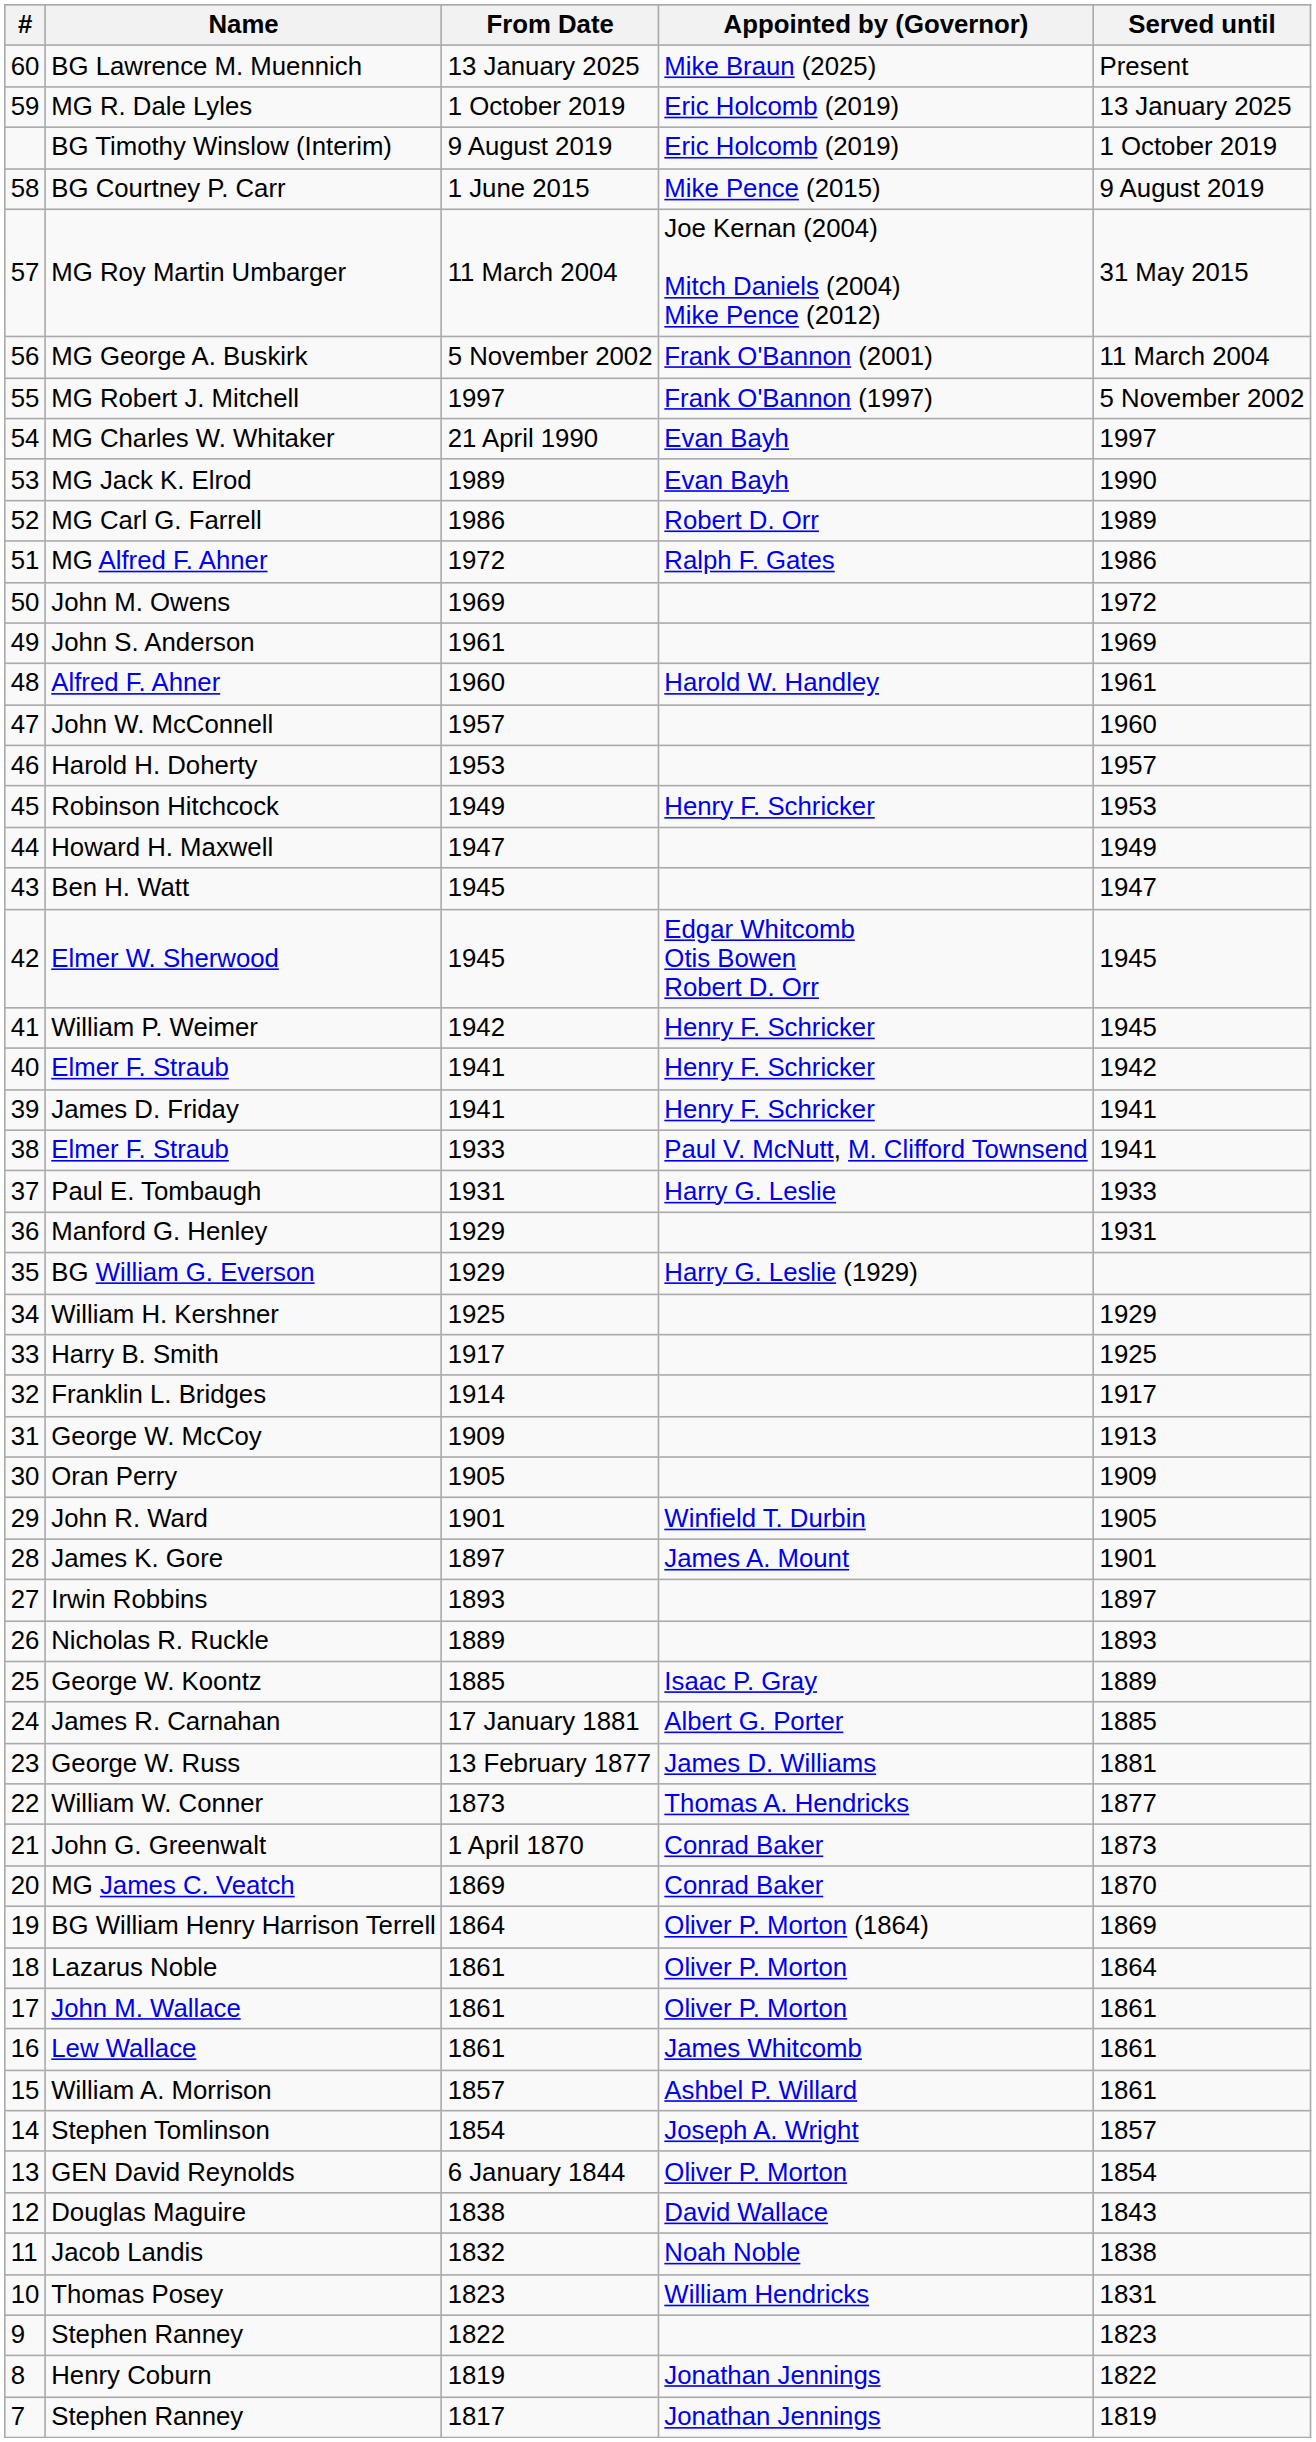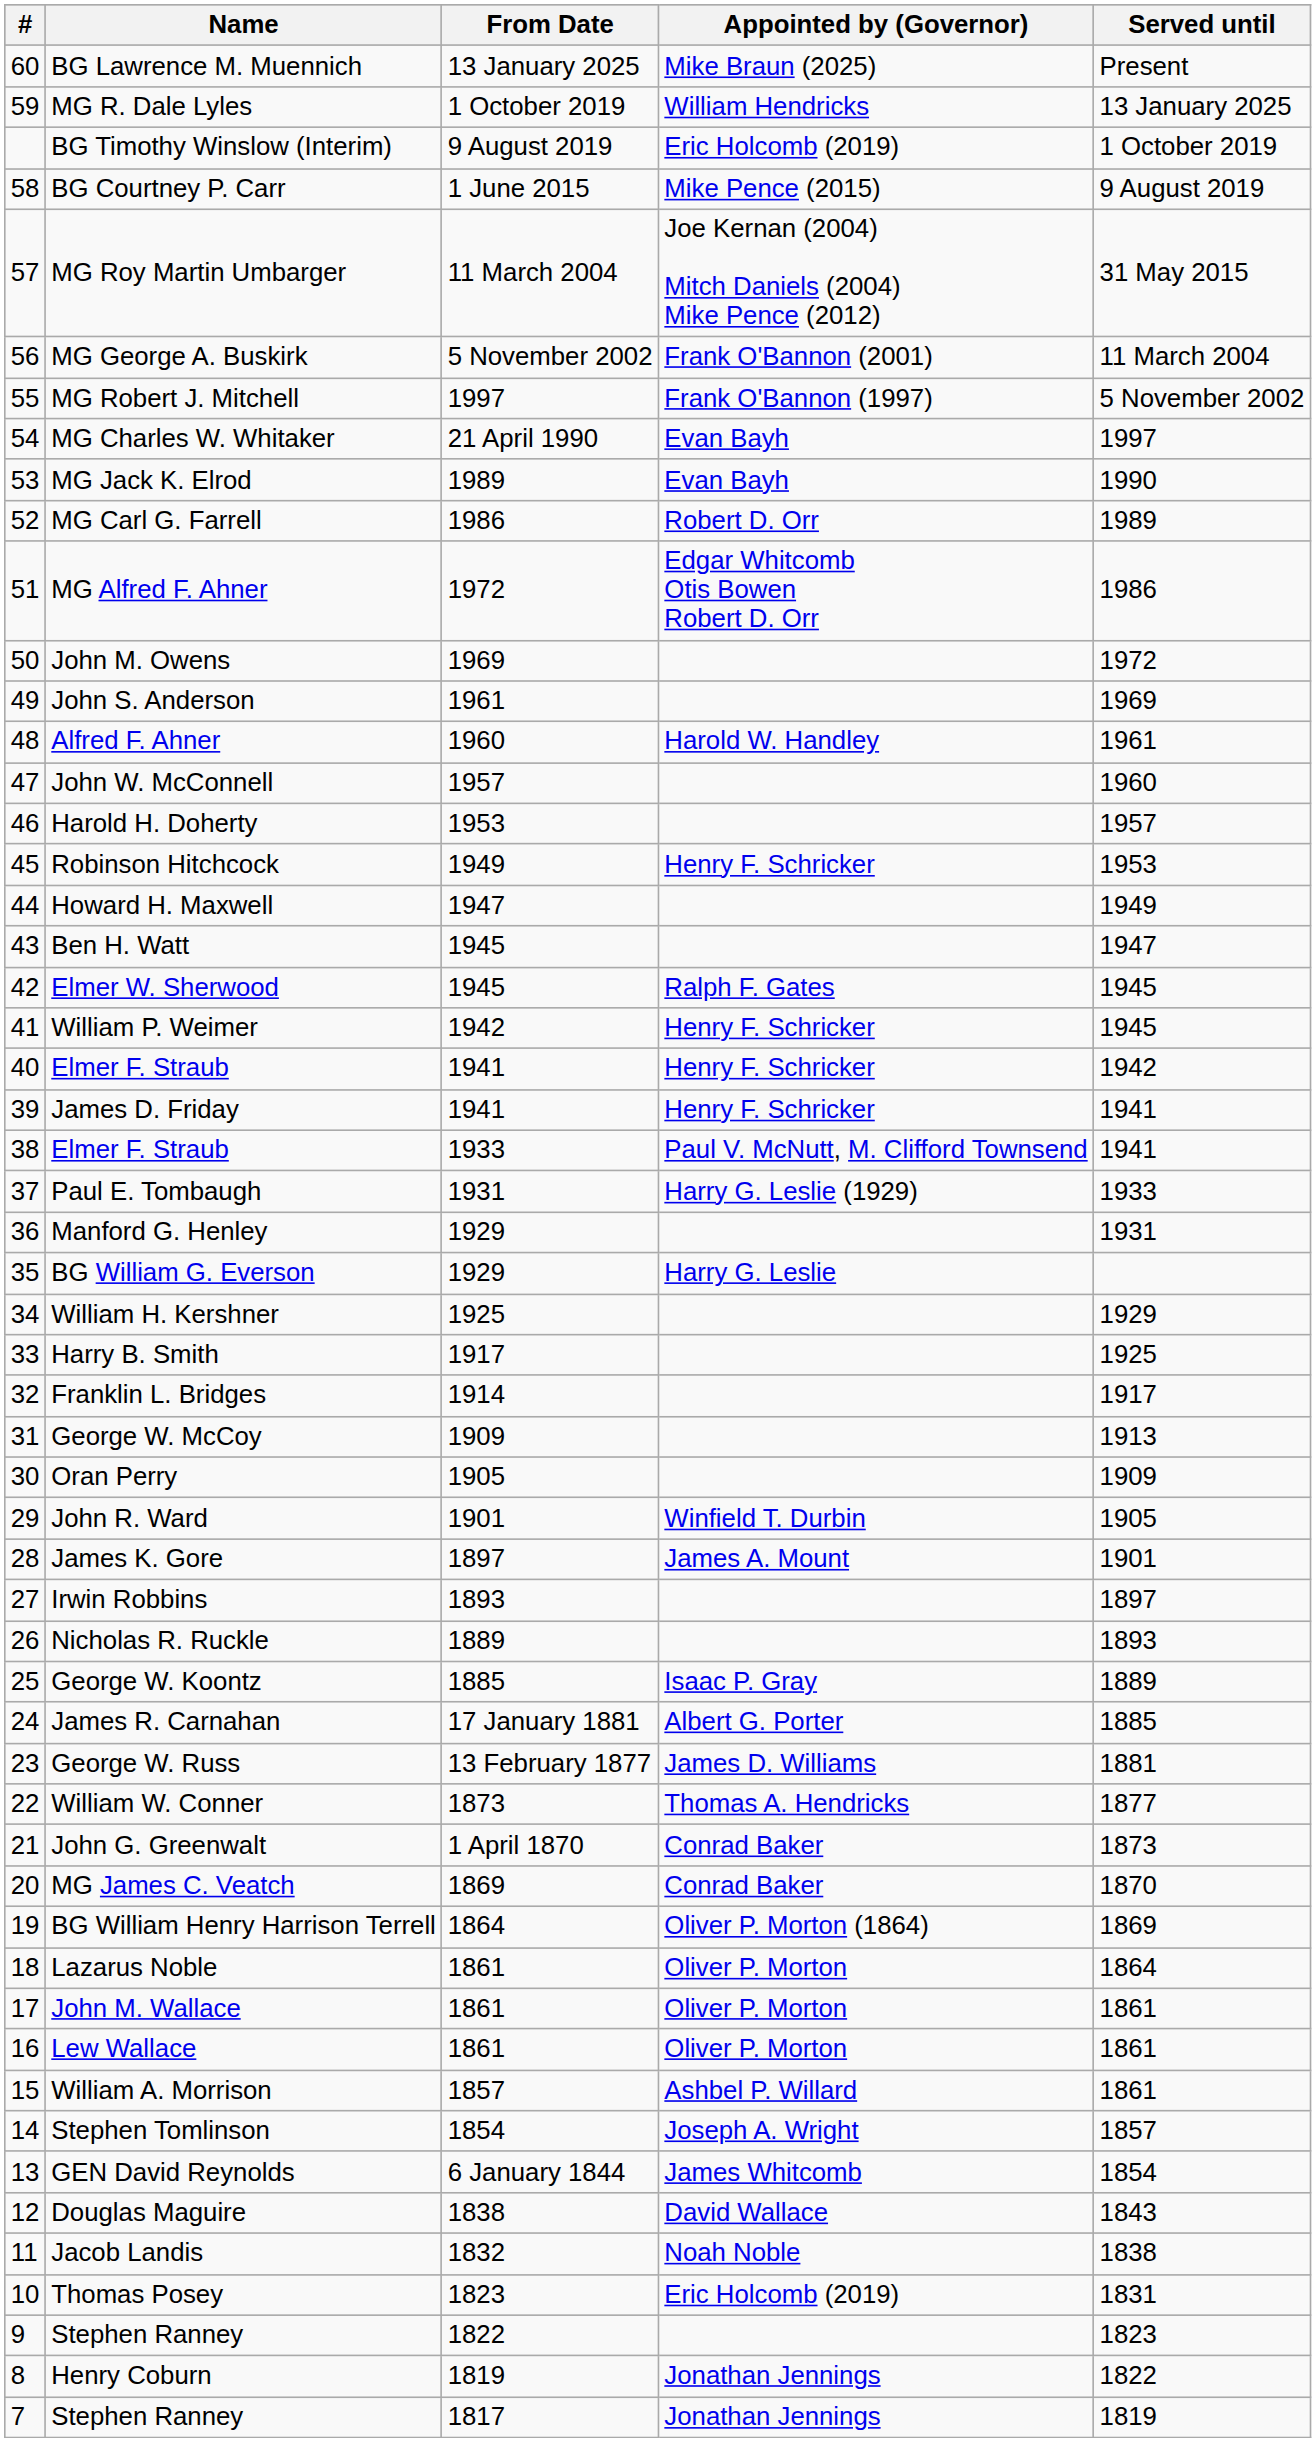 <table class=wikitable>
 <tr style="background:#ccc;">
 <th>#</th>
 <th>Name</th>
 <th>From Date</th>
 <th>Appointed by (Governor)</th>
 <th>Served until</th>
 </tr>
 <tr>
 <td>60</td>
 <td>BG Lawrence M. Muennich</td>
 <td>13 January 2025</td>
 <td><a href='#'>Mike Braun</a> (2025)</td>
 <td>Present</td>
 </tr>
 <tr>
 <td>59</td>
 <td>MG R. Dale Lyles</td>
 <td>1 October 2019</td>
-<td><a href='#'>Eric Holcomb</a> (2019)</td>
+<td><a href='#'>William Hendricks</a></td>
 <td>13 January 2025</td>
 </tr>
 <tr>
 <td></td>
 <td>BG Timothy Winslow (Interim)</td>
 <td>9 August 2019</td>
 <td><a href='#'>Eric Holcomb</a> (2019)</td>
 <td>1 October 2019</td>
 </tr>
 <tr>
 <td>58</td>
 <td>BG Courtney P. Carr</td>
 <td>1 June 2015</td>
 <td><a href='#'>Mike Pence</a> (2015)</td>
 <td>9 August 2019</td>
 </tr>
 <tr>
 <td>57</td>
 <td>MG Roy Martin Umbarger</td>
 <td>11 March 2004 </td>
 <td>Joe Kernan (2004)<br><br><a href='#'>Mitch Daniels</a> (2004)<br> <a href='#'>Mike Pence</a> (2012)</td>
 <td>31 May 2015</td>
 </tr>
 <tr>
 <td>56</td>
 <td>MG George A. Buskirk</td>
 <td>5 November 2002</td>
 <td><a href='#'>Frank O'Bannon</a> (2001)</td>
 <td>11 March 2004 </td>
 </tr>
 <tr>
 <td>55</td>
 <td>MG Robert J. Mitchell </td>
 <td>1997</td>
 <td><a href='#'>Frank O'Bannon</a> (1997)</td>
 <td>5 November 2002</td>
 </tr>
 <tr>
 <td>54</td>
 <td>MG Charles W. Whitaker</td>
 <td>21 April 1990</td>
 <td><a href='#'>Evan Bayh</a></td>
 <td>1997</td>
 </tr>
 <tr>
 <td>53</td>
 <td>MG Jack K. Elrod</td>
 <td>1989</td>
 <td><a href='#'>Evan Bayh</a></td>
 <td>1990</td>
 </tr>
 <tr>
 <td>52</td>
 <td>MG Carl G. Farrell</td>
 <td>1986</td>
 <td><a href='#'>Robert D. Orr</a></td>
 <td>1989</td>
 </tr>
 <tr>
 <td>51</td>
 <td>MG <a href='#'>Alfred F. Ahner</a></td>
 <td>1972</td>
-<td><a href='#'>Ralph F. Gates</a></td>
+<td><a href='#'>Edgar Whitcomb</a> <br> <a href='#'>Otis Bowen</a> <br><a href='#'>Robert D. Orr</a></td>
 <td>1986</td>
 </tr>
 <tr>
 <td>50</td>
 <td>John M. Owens</td>
 <td>1969</td>
 <td></td>
 <td>1972</td>
 </tr>
 <tr>
 <td>49</td>
 <td>John S. Anderson</td>
 <td>1961</td>
 <td></td>
 <td>1969</td>
 </tr>
 <tr>
 <td>48</td>
 <td><a href='#'>Alfred F. Ahner</a></td>
 <td>1960</td>
 <td><a href='#'>Harold W. Handley</a></td>
 <td>1961</td>
 </tr>
 <tr>
 <td>47</td>
 <td>John W. McConnell</td>
 <td>1957</td>
 <td></td>
 <td>1960</td>
 </tr>
 <tr>
 <td>46</td>
 <td>Harold H. Doherty</td>
 <td>1953</td>
 <td></td>
 <td>1957</td>
 </tr>
 <tr>
 <td>45</td>
 <td>Robinson Hitchcock</td>
 <td>1949</td>
 <td><a href='#'>Henry F. Schricker</a></td>
 <td>1953</td>
 </tr>
 <tr>
 <td>44</td>
 <td>Howard H. Maxwell</td>
 <td>1947</td>
 <td></td>
 <td>1949</td>
 </tr>
 <tr>
 <td>43</td>
 <td>Ben H. Watt</td>
 <td>1945</td>
 <td></td>
 <td>1947</td>
 </tr>
 <tr>
 <td>42</td>
 <td><a href='#'>Elmer W. Sherwood</a></td>
 <td>1945</td>
-<td><a href='#'>Edgar Whitcomb</a> <br> <a href='#'>Otis Bowen</a> <br><a href='#'>Robert D. Orr</a></td>
+<td><a href='#'>Ralph F. Gates</a></td>
 <td>1945</td>
 </tr>
 <tr>
 <td>41</td>
 <td>William P. Weimer</td>
 <td>1942</td>
 <td><a href='#'>Henry F. Schricker</a></td>
 <td>1945</td>
 </tr>
 <tr>
 <td>40</td>
 <td><a href='#'>Elmer F. Straub</a></td>
 <td>1941</td>
 <td><a href='#'>Henry F. Schricker</a></td>
 <td>1942</td>
 </tr>
 <tr>
 <td>39</td>
 <td>James D. Friday</td>
 <td>1941</td>
 <td><a href='#'>Henry F. Schricker</a></td>
 <td>1941</td>
 </tr>
 <tr>
 <td>38</td>
 <td><a href='#'>Elmer F. Straub</a></td>
 <td>1933</td>
 <td><a href='#'>Paul V. McNutt</a>, <a href='#'>M. Clifford Townsend</a></td>
 <td>1941</td>
 </tr>
 <tr>
 <td>37</td>
 <td>Paul E. Tombaugh</td>
 <td>1931</td>
-<td><a href='#'>Harry G. Leslie</a></td>
+<td><a href='#'>Harry G. Leslie</a> (1929) </td>
 <td>1933</td>
 </tr>
 <tr>
 <td>36</td>
 <td>Manford G. Henley</td>
 <td>1929</td>
 <td></td>
 <td>1931</td>
 </tr>
 <tr>
 <td>35</td>
 <td>BG <a href='#'>William G. Everson</a></td>
 <td>1929</td>
-<td><a href='#'>Harry G. Leslie</a> (1929) </td>
+<td><a href='#'>Harry G. Leslie</a></td>
 <td></td>
 </tr>
 <tr>
 <td>34</td>
 <td>William H. Kershner</td>
 <td>1925</td>
 <td></td>
 <td>1929</td>
 </tr>
 <tr>
 <td>33</td>
 <td>Harry B. Smith</td>
 <td>1917</td>
 <td></td>
 <td>1925</td>
 </tr>
 <tr>
 <td>32</td>
 <td>Franklin L. Bridges</td>
 <td>1914</td>
 <td></td>
 <td>1917</td>
 </tr>
 <tr>
 <td>31</td>
 <td>George W. McCoy</td>
 <td>1909</td>
 <td></td>
 <td>1913</td>
 </tr>
 <tr>
 <td>30</td>
 <td>Oran Perry</td>
 <td>1905 </td>
 <td></td>
 <td>1909</td>
 </tr>
 <tr>
 <td>29</td>
 <td>John R. Ward </td>
 <td>1901</td>
 <td><a href='#'>Winfield T. Durbin</a></td>
 <td>1905</td>
 </tr>
 <tr>
 <td>28</td>
 <td>James K. Gore</td>
 <td>1897</td>
 <td><a href='#'>James A. Mount</a></td>
 <td>1901</td>
 </tr>
 <tr>
 <td>27</td>
 <td>Irwin Robbins</td>
 <td>1893</td>
 <td></td>
 <td>1897</td>
 </tr>
 <tr>
 <td>26</td>
 <td>Nicholas R. Ruckle</td>
 <td>1889</td>
 <td></td>
 <td>1893</td>
 </tr>
 <tr>
 <td>25</td>
 <td>George W. Koontz</td>
 <td>1885</td>
 <td><a href='#'>Isaac P. Gray</a></td>
 <td>1889</td>
 </tr>
 <tr>
 <td>24</td>
 <td>James R. Carnahan</td>
 <td>17 January 1881</td>
 <td><a href='#'>Albert G. Porter</a></td>
 <td>1885</td>
 </tr>
 <tr>
 <td>23</td>
 <td>George W. Russ</td>
 <td>13 February 1877</td>
 <td><a href='#'>James D. Williams</a></td>
 <td>1881</td>
 </tr>
 <tr>
 <td>22</td>
 <td>William W. Conner </td>
 <td>1873</td>
 <td><a href='#'>Thomas A. Hendricks</a></td>
 <td>1877</td>
 </tr>
 <tr>
 <td>21</td>
 <td>John G. Greenwalt </td>
 <td>1 April 1870</td>
 <td><a href='#'>Conrad Baker</a></td>
 <td>1873</td>
 </tr>
 <tr>
 <td>20</td>
 <td>MG <a href='#'>James C. Veatch</a></td>
 <td>1869</td>
 <td><a href='#'>Conrad Baker</a></td>
 <td>1870</td>
 </tr>
 <tr>
 <td>19</td>
 <td>BG William Henry Harrison Terrell </td>
 <td>1864</td>
 <td><a href='#'>Oliver P. Morton</a> (1864)</td>
 <td>1869</td>
 </tr>
 <tr>
 <td>18</td>
 <td>Lazarus Noble </td>
 <td>1861</td>
 <td><a href='#'>Oliver P. Morton</a></td>
 <td>1864</td>
 </tr>
 <tr>
 <td>17</td>
 <td><a href='#'>John M. Wallace</a> </td>
 <td>1861</td>
 <td><a href='#'>Oliver P. Morton</a></td>
 <td>1861</td>
 </tr>
 <tr>
 <td>16</td>
 <td><a href='#'>Lew Wallace</a> </td>
 <td>1861</td>
-<td><a href='#'>James Whitcomb</a></td>
+<td><a href='#'>Oliver P. Morton</a></td>
 <td>1861</td>
 </tr>
 <tr>
 <td>15</td>
 <td>William A. Morrison </td>
 <td>1857</td>
 <td><a href='#'>Ashbel P. Willard</a></td>
 <td>1861</td>
 </tr>
 <tr>
 <td>14</td>
 <td>Stephen Tomlinson </td>
 <td>1854</td>
 <td><a href='#'>Joseph A. Wright</a></td>
 <td>1857</td>
 </tr>
 <tr>
 <td>13</td>
 <td>GEN David Reynolds</td>
 <td>6 January 1844</td>
-<td><a href='#'>Oliver P. Morton</a></td>
+<td><a href='#'>James Whitcomb</a></td>
 <td>1854</td>
 </tr>
 <tr>
 <td>12</td>
 <td>Douglas Maguire </td>
 <td>1838</td>
 <td><a href='#'>David Wallace</a></td>
 <td>1843</td>
 </tr>
 <tr>
 <td>11</td>
 <td>Jacob Landis </td>
 <td>1832</td>
 <td><a href='#'>Noah Noble</a></td>
 <td>1838</td>
 </tr>
 <tr>
 <td>10</td>
 <td>Thomas Posey </td>
 <td>1823</td>
-<td><a href='#'>William Hendricks</a></td>
+<td><a href='#'>Eric Holcomb</a> (2019)</td>
 <td>1831</td>
 </tr>
 <tr>
 <td>9</td>
 <td>Stephen Ranney </td>
 <td>1822</td>
 <td></td>
 <td>1823</td>
 </tr>
 <tr>
 <td>8</td>
 <td>Henry Coburn </td>
 <td>1819</td>
 <td><a href='#'>Jonathan Jennings</a></td>
 <td>1822</td>
 </tr>
 <tr>
 <td>7</td>
 <td>Stephen Ranney</td>
 <td>1817</td>
 <td><a href='#'>Jonathan Jennings</a></td>
 <td>1819</td>
 </tr>
 </table>
